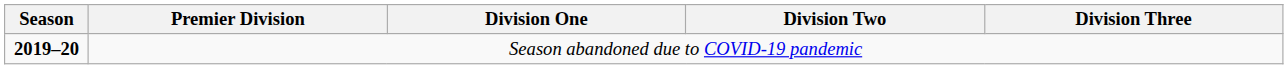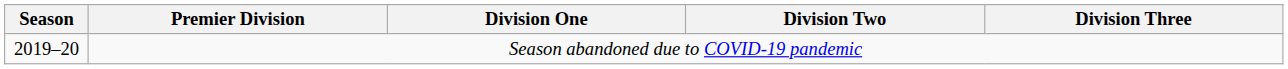 <table class=wikitable style="border:0px; margin-top:-1px; margin-bottom:0;">
 <tr>
 <th width=65px>Season</th>
 <th width=250px>Premier Division</th>
 <th width=250px>Division One</th>
 <th width=250px>Division Two</th>
 <th width=250px>Division Three</th>
 </tr>
 <tr>
-<td align=center><strong>2019–20</strong></td>
+<td align=center>2019–20</td>
 <td colspan=5 align=center><em>Season abandoned due to <a href='#'>COVID-19 pandemic</a></em></td>
 </tr>
 </table>
